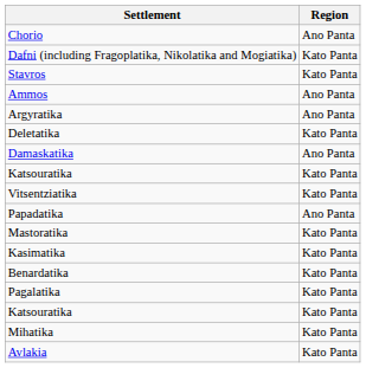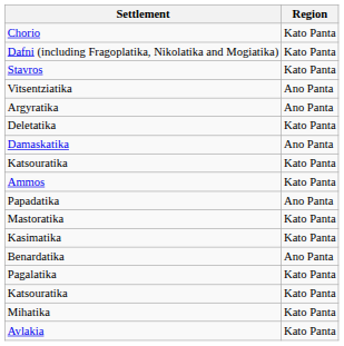 <table class="wikitable">
 <tr>
 <th>Settlement</th>
 <th>Region</th>
 </tr>
 <tr>
 <td><a href='#'>Chorio</a></td>
-<td>Ano Panta</td>
+<td>Kato Panta</td>
 </tr>
 <tr>
 <td><a href='#'>Dafni</a> (including Fragoplatika, Nikolatika and Mogiatika)</td>
 <td>Kato Panta</td>
 </tr>
 <tr>
 <td><a href='#'>Stavros</a></td>
 <td>Kato Panta</td>
 </tr>
 <tr>
-<td><a href='#'>Ammos</a></td>
+<td>Vitsentziatika</td>
 <td>Ano Panta</td>
 </tr>
 <tr>
 <td>Argyratika</td>
 <td>Ano Panta</td>
 </tr>
 <tr>
 <td>Deletatika</td>
 <td>Kato Panta</td>
 </tr>
 <tr>
 <td><a href='#'>Damaskatika</a></td>
 <td>Ano Panta</td>
 </tr>
 <tr>
 <td>Katsouratika</td>
 <td>Kato Panta</td>
 </tr>
 <tr>
-<td>Vitsentziatika</td>
+<td><a href='#'>Ammos</a></td>
 <td>Kato Panta</td>
 </tr>
 <tr>
 <td>Papadatika</td>
 <td>Ano Panta</td>
 </tr>
 <tr>
 <td>Mastoratika</td>
 <td>Kato Panta</td>
 </tr>
 <tr>
 <td>Kasimatika</td>
 <td>Kato Panta</td>
 </tr>
 <tr>
 <td>Benardatika</td>
-<td>Kato Panta</td>
+<td>Ano Panta</td>
 </tr>
 <tr>
 <td>Pagalatika</td>
 <td>Kato Panta</td>
 </tr>
 <tr>
 <td>Katsouratika</td>
 <td>Kato Panta</td>
 </tr>
 <tr>
 <td>Mihatika</td>
 <td>Kato Panta</td>
 </tr>
 <tr>
 <td><a href='#'>Avlakia</a></td>
 <td>Kato Panta</td>
 </tr>
 </table>
